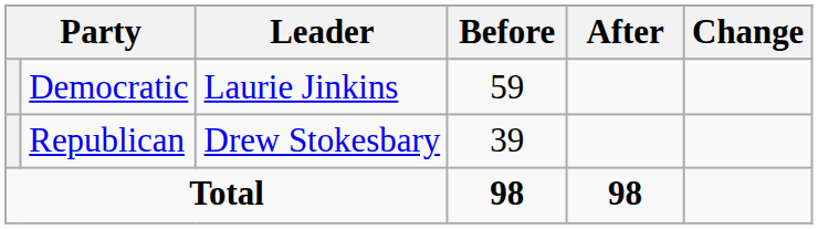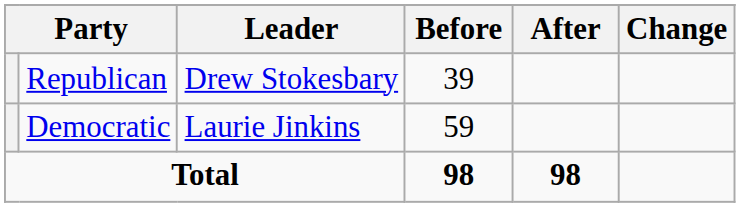 <table class="wikitable" style="text-align:center;">
 <tr>
 </tr>
 <tr>
 <th colspan="2">Party</th>
 <th>Leader</th>
 <th style="width:3em">Before</th>
 <th style="width:3em">After</th>
 <th style="width:3em">Change</th>
 </tr>
 <tr>
 <th style="background-color:"></th>
-<td style="text-align:left;"><a href='#'>Democratic</a></td>
-<td style="text-align:left;"><a href='#'>Laurie Jinkins</a></td>
-<td>59</td>
+<td style="text-align:left;"><a href='#'>Republican</a></td>
+<td style="text-align:left;"><a href='#'>Drew Stokesbary</a></td>
+<td>39</td>
 <td></td>
 <td></td>
 </tr>
 <tr>
 <th style="background-color:"></th>
-<td style="text-align:left;"><a href='#'>Republican</a></td>
-<td style="text-align:left;"><a href='#'>Drew Stokesbary</a></td>
-<td>39</td>
+<td style="text-align:left;"><a href='#'>Democratic</a></td>
+<td style="text-align:left;"><a href='#'>Laurie Jinkins</a></td>
+<td>59</td>
 <td></td>
 <td></td>
 </tr>
 <tr>
 <td colspan="3"><strong>Total</strong></td>
 <td><strong>98</strong></td>
 <td><strong>98</strong></td>
 <td></td>
 </tr>
 </table>
